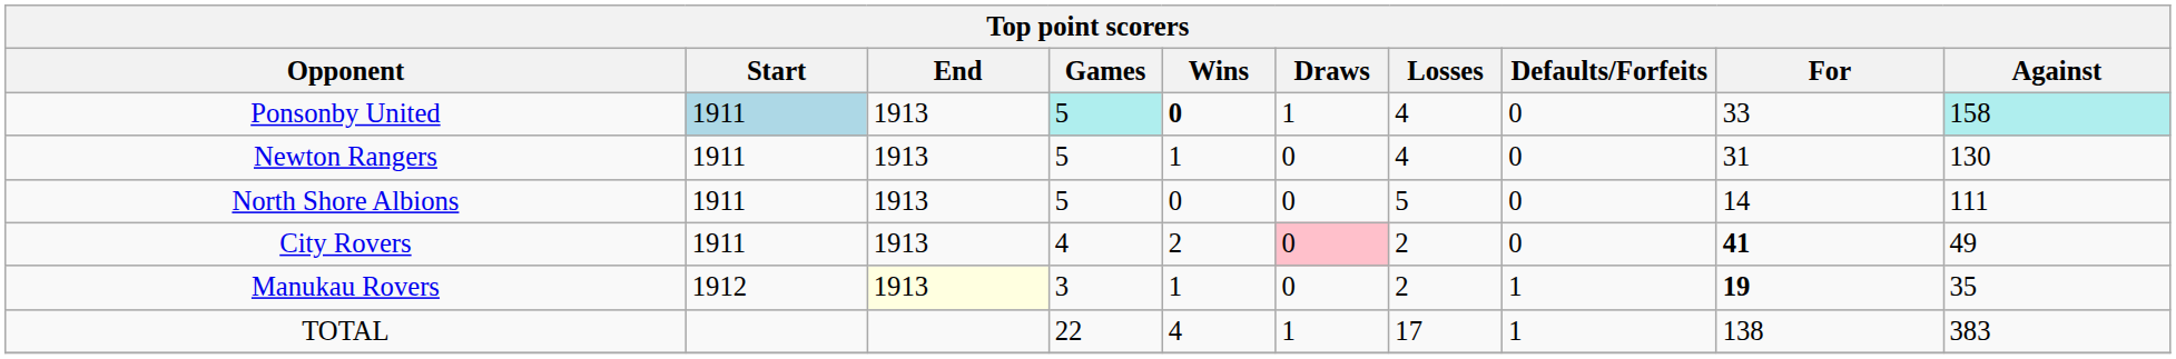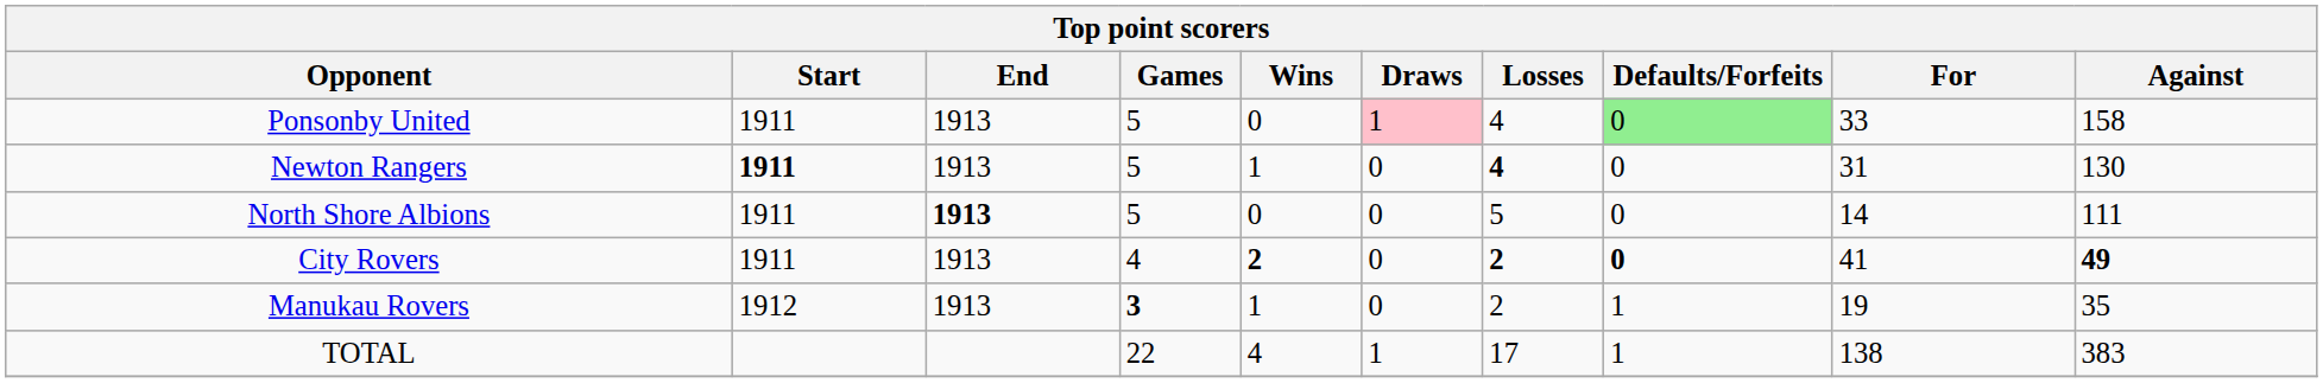 <table class="wikitable collapsible sortable" style="text-align:left; font-size:100%; width:100%;">
 <tr>
 <th colspan="100%">Top point scorers</th>
 </tr>
 <tr>
 <th style="width:30%;">Opponent</th>
 <th style="width:8%;">Start</th>
 <th style="width:8%;">End</th>
 <th style="width:5%;">Games</th>
 <th style="width:5%;">Wins</th>
 <th style="width:5%;">Draws</th>
 <th style="width:5%;">Losses</th>
 <th style="width:5%;">Defaults/Forfeits</th>
 <th style="width:10%;">For</th>
 <th style="width:10%;">Against<br></th>
 </tr>
 <tr>
 <td style="text-align:center;"><a href='#'>Ponsonby United</a></td>
-<td style="background: lightblue;">1911</td>
+<td>1911</td>
 <td>1913</td>
-<td style="background: paleturquoise;">5</td>
-<td><strong>0</strong></td>
-<td>1</td>
+<td>5</td>
+<td>0</td>
+<td style="background: pink;">1</td>
 <td>4</td>
-<td>0</td>
+<td style="background: lightgreen;">0</td>
 <td>33</td>
-<td style="background: paleturquoise;">158</td>
+<td>158</td>
 </tr>
 <tr>
 <td style="text-align:center;"><a href='#'>Newton Rangers</a></td>
-<td>1911</td>
+<td><strong>1911</strong></td>
 <td>1913</td>
 <td>5</td>
 <td>1</td>
 <td>0</td>
-<td>4</td>
+<td><strong>4</strong></td>
 <td>0</td>
 <td>31</td>
 <td>130</td>
 </tr>
 <tr>
 <td style="text-align:center;"><a href='#'>North Shore Albions</a></td>
 <td>1911</td>
-<td>1913</td>
+<td><strong>1913</strong></td>
 <td>5</td>
 <td>0</td>
 <td>0</td>
 <td>5</td>
 <td>0</td>
 <td>14</td>
 <td>111</td>
 </tr>
 <tr>
 <td style="text-align:center;"><a href='#'>City Rovers</a></td>
 <td>1911</td>
 <td>1913</td>
 <td>4</td>
-<td>2</td>
-<td style="background: pink;">0</td>
-<td>2</td>
+<td><strong>2</strong></td>
 <td>0</td>
-<td><strong>41</strong></td>
-<td>49</td>
+<td><strong>2</strong></td>
+<td><strong>0</strong></td>
+<td>41</td>
+<td><strong>49</strong></td>
 </tr>
 <tr>
 <td style="text-align:center;"><a href='#'>Manukau Rovers</a></td>
 <td>1912</td>
-<td style="background: lightyellow;">1913</td>
-<td>3</td>
+<td>1913</td>
+<td><strong>3</strong></td>
 <td>1</td>
 <td>0</td>
 <td>2</td>
 <td>1</td>
-<td><strong>19</strong></td>
+<td>19</td>
 <td>35</td>
 </tr>
 <tr>
 <td style="text-align:center;">TOTAL</td>
 <td></td>
 <td></td>
 <td>22</td>
 <td>4</td>
 <td>1</td>
 <td>17</td>
 <td>1</td>
 <td>138</td>
 <td>383</td>
 </tr>
 <tr>
 </tr>
 </table>
